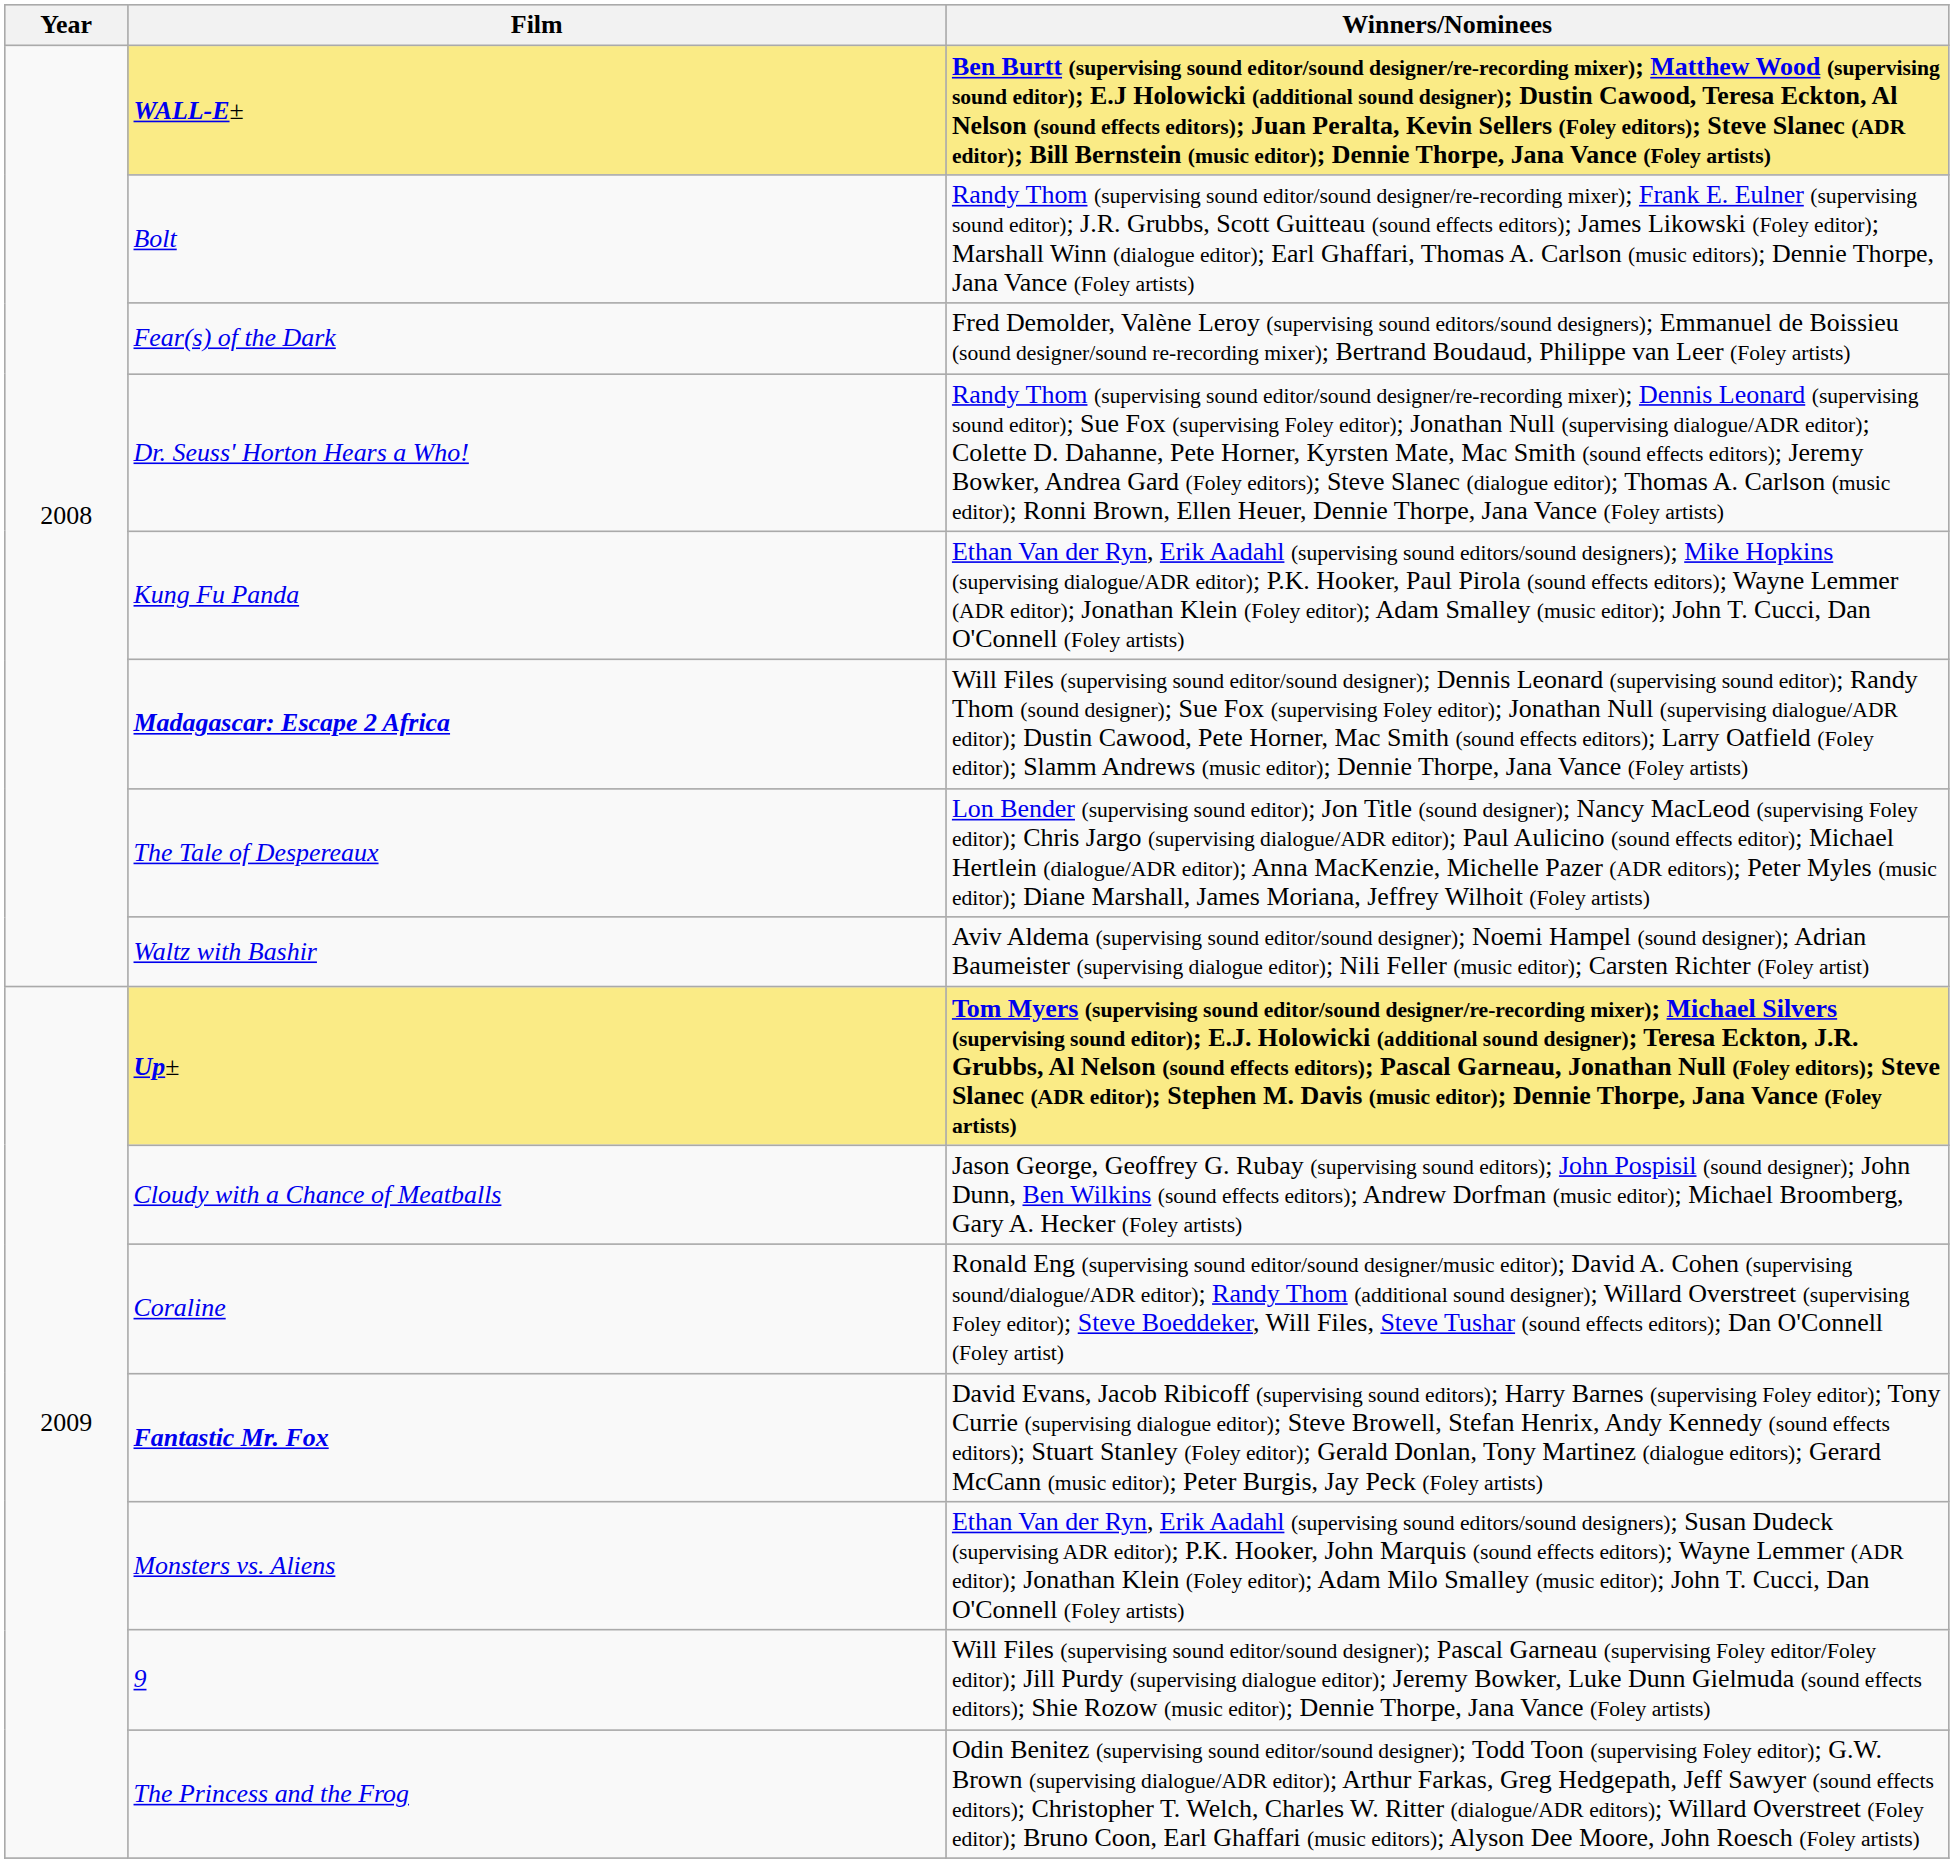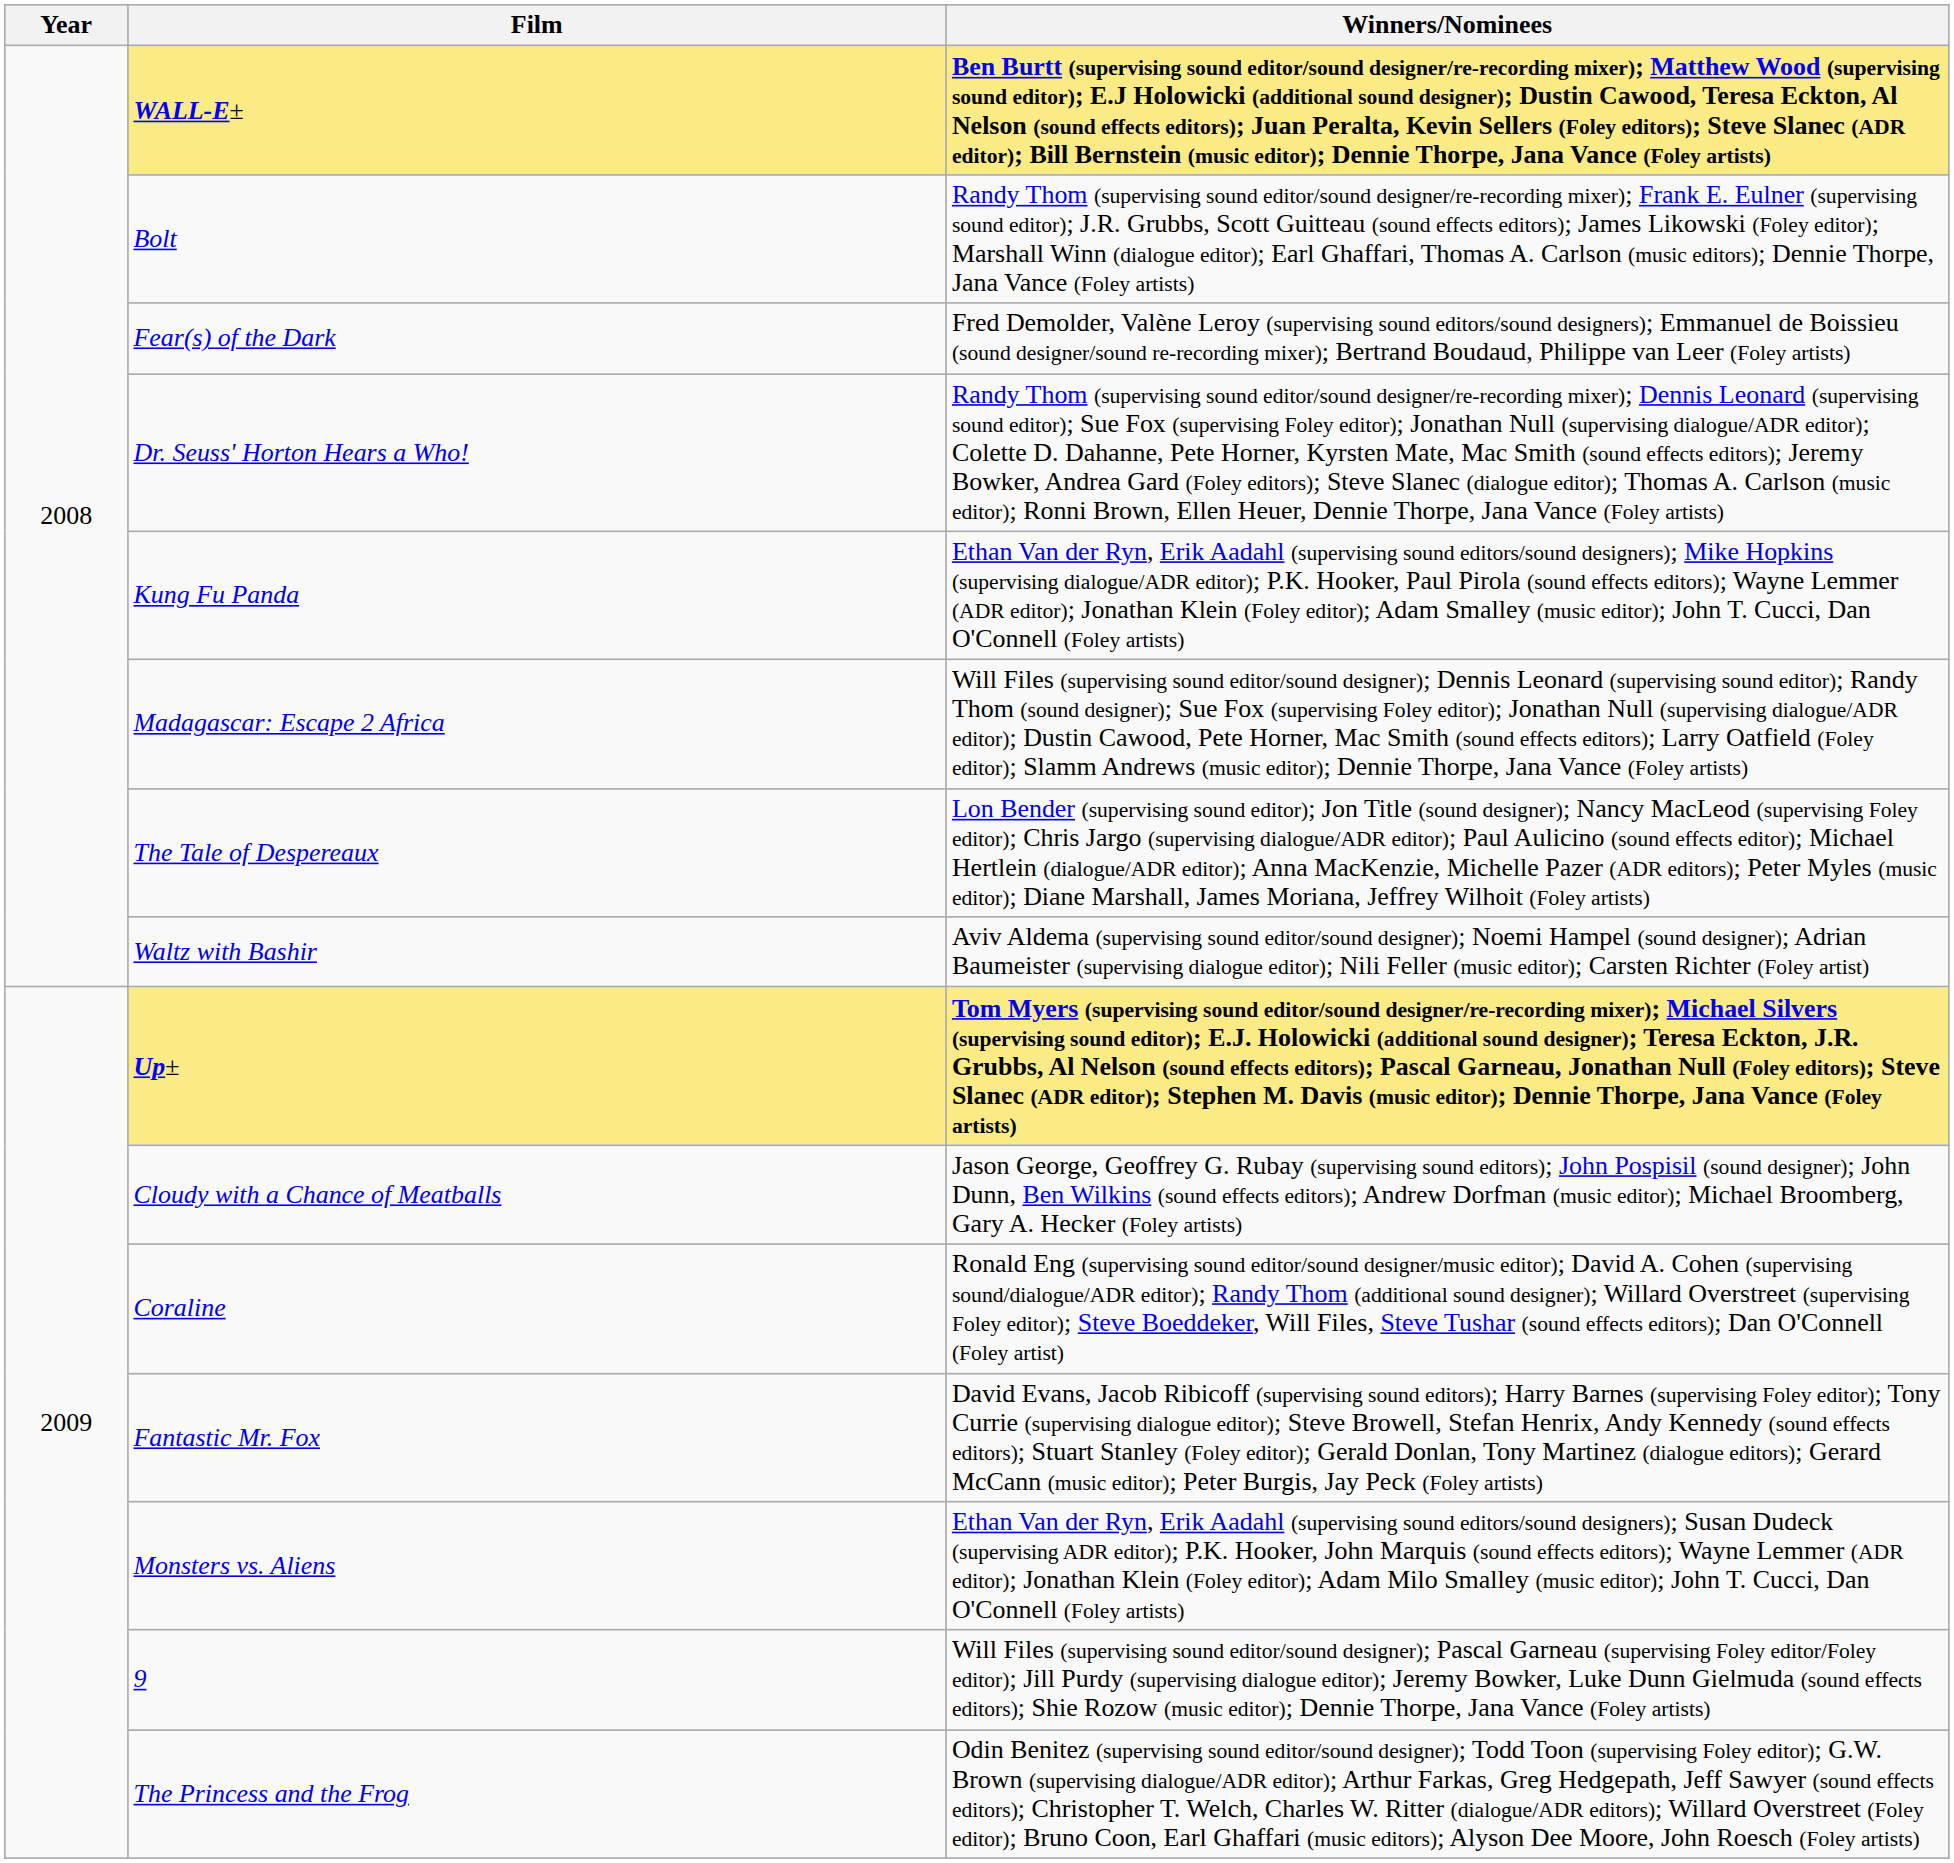 <table class="wikitable" width="95%" cellpadding="5">
 <tr>
 <th width="6%">Year</th>
 <th width="40%">Film</th>
 <th width="49%">Winners/Nominees</th>
 </tr>
 <tr>
 <td rowspan=8 style="text-align:center">2008<br></td>
 <td style="background:#FAEB86;"><strong><em><a href='#'>WALL-E</a></em></strong>±</td>
 <td style="background:#FAEB86;"><strong><a href='#'>Ben Burtt</a> <small>(supervising sound editor/sound designer/re-recording mixer)</small>; <a href='#'>Matthew Wood</a> <small>(supervising sound editor)</small>; E.J Holowicki <small>(additional sound designer)</small>; Dustin Cawood, Teresa Eckton, Al Nelson <small>(sound effects editors)</small>; Juan Peralta, Kevin Sellers <small>(Foley editors)</small>; Steve Slanec <small>(ADR editor)</small>; Bill Bernstein <small>(music editor)</small>; Dennie Thorpe, Jana Vance <small>(Foley artists)</small></strong></td>
 </tr>
 <tr>
 <td><em><a href='#'>Bolt</a></em></td>
 <td><a href='#'>Randy Thom</a> <small>(supervising sound editor/sound designer/re-recording mixer)</small>; <a href='#'>Frank E. Eulner</a> <small>(supervising sound editor)</small>; J.R. Grubbs, Scott Guitteau <small>(sound effects editors)</small>; James Likowski <small>(Foley editor)</small>; Marshall Winn <small>(dialogue editor)</small>; Earl Ghaffari, Thomas A. Carlson <small>(music editors)</small>; Dennie Thorpe, Jana Vance <small>(Foley artists)</small></td>
 </tr>
 <tr>
 <td><em><a href='#'>Fear(s) of the Dark</a></em></td>
 <td>Fred Demolder, Valène Leroy <small>(supervising sound editors/sound designers)</small>; Emmanuel de Boissieu <small>(sound designer/sound re-recording mixer)</small>; Bertrand Boudaud, Philippe van Leer <small>(Foley artists)</small></td>
 </tr>
 <tr>
 <td><em><a href='#'>Dr. Seuss' Horton Hears a Who!</a></em></td>
 <td><a href='#'>Randy Thom</a> <small>(supervising sound editor/sound designer/re-recording mixer)</small>; <a href='#'>Dennis Leonard</a> <small>(supervising sound editor)</small>; Sue Fox <small>(supervising Foley editor)</small>; Jonathan Null <small>(supervising dialogue/ADR editor)</small>; Colette D. Dahanne, Pete Horner, Kyrsten Mate, Mac Smith <small>(sound effects editors)</small>; Jeremy Bowker, Andrea Gard <small>(Foley editors)</small>; Steve Slanec <small>(dialogue editor)</small>; Thomas A. Carlson <small>(music editor)</small>; Ronni Brown, Ellen Heuer, Dennie Thorpe, Jana Vance <small>(Foley artists)</small></td>
 </tr>
 <tr>
 <td><em><a href='#'>Kung Fu Panda</a></em></td>
 <td><a href='#'>Ethan Van der Ryn</a>, <a href='#'>Erik Aadahl</a> <small>(supervising sound editors/sound designers)</small>; <a href='#'>Mike Hopkins</a> <small>(supervising dialogue/ADR editor)</small>; P.K. Hooker, Paul Pirola <small>(sound effects editors)</small>; Wayne Lemmer <small>(ADR editor)</small>; Jonathan Klein <small>(Foley editor)</small>; Adam Smalley <small>(music editor)</small>; John T. Cucci, Dan O'Connell <small>(Foley artists)</small></td>
 </tr>
 <tr>
-<td><strong><em><a href='#'>Madagascar: Escape 2 Africa</a></em></strong></td>
+<td><em><a href='#'>Madagascar: Escape 2 Africa</a></em></td>
 <td>Will Files <small>(supervising sound editor/sound designer)</small>; Dennis Leonard <small>(supervising sound editor)</small>; Randy Thom <small>(sound designer)</small>; Sue Fox <small>(supervising Foley editor)</small>; Jonathan Null <small>(supervising dialogue/ADR editor)</small>; Dustin Cawood, Pete Horner, Mac Smith <small>(sound effects editors)</small>; Larry Oatfield <small>(Foley editor)</small>; Slamm Andrews <small>(music editor)</small>; Dennie Thorpe, Jana Vance <small>(Foley artists)</small></td>
 </tr>
 <tr>
 <td><em><a href='#'>The Tale of Despereaux</a></em></td>
 <td><a href='#'>Lon Bender</a> <small>(supervising sound editor)</small>; Jon Title <small>(sound designer)</small>; Nancy MacLeod <small>(supervising Foley editor)</small>; Chris Jargo <small>(supervising dialogue/ADR editor)</small>; Paul Aulicino <small>(sound effects editor)</small>; Michael Hertlein <small>(dialogue/ADR editor)</small>; Anna MacKenzie, Michelle Pazer <small>(ADR editors)</small>; Peter Myles <small>(music editor)</small>; Diane Marshall, James Moriana, Jeffrey Wilhoit <small>(Foley artists)</small></td>
 </tr>
 <tr>
 <td><em><a href='#'>Waltz with Bashir</a></em></td>
 <td>Aviv Aldema <small>(supervising sound editor/sound designer)</small>; Noemi Hampel <small>(sound designer)</small>; Adrian Baumeister <small>(supervising dialogue editor)</small>; Nili Feller <small>(music editor)</small>; Carsten Richter <small>(Foley artist)</small></td>
 </tr>
 <tr>
 <td rowspan=7 style="text-align:center">2009<br></td>
 <td style="background:#FAEB86;"><strong><em><a href='#'>Up</a></em></strong>±</td>
 <td style="background:#FAEB86;"><strong><a href='#'>Tom Myers</a> <small>(supervising sound editor/sound designer/re-recording mixer)</small>; <a href='#'>Michael Silvers</a> <small>(supervising sound editor)</small>; E.J. Holowicki <small> (additional sound designer)</small>; Teresa Eckton, J.R. Grubbs, Al Nelson <small>(sound effects editors)</small>; Pascal Garneau, Jonathan Null <small>(Foley editors)</small>; Steve Slanec <small>(ADR editor)</small>; Stephen M. Davis <small>(music editor)</small>; Dennie Thorpe, Jana Vance <small>(Foley artists)</small></strong></td>
 </tr>
 <tr>
 <td><em><a href='#'>Cloudy with a Chance of Meatballs</a></em></td>
 <td>Jason George, Geoffrey G. Rubay <small>(supervising sound editors)</small>; <a href='#'>John Pospisil</a> <small>(sound designer)</small>; John Dunn, <a href='#'>Ben Wilkins</a> <small>(sound effects editors)</small>; Andrew Dorfman <small>(music editor)</small>; Michael Broomberg, Gary A. Hecker <small>(Foley artists)</small></td>
 </tr>
 <tr>
 <td><em><a href='#'>Coraline</a></em></td>
 <td>Ronald Eng <small>(supervising sound editor/sound designer/music editor)</small>; David A. Cohen <small>(supervising sound/dialogue/ADR editor)</small>; <a href='#'>Randy Thom</a> <small>(additional sound designer)</small>; Willard Overstreet <small>(supervising Foley editor)</small>; <a href='#'>Steve Boeddeker</a>, Will Files, <a href='#'>Steve Tushar</a> <small>(sound effects editors)</small>; Dan O'Connell <small>(Foley artist)</small></td>
 </tr>
 <tr>
-<td><strong><em><a href='#'>Fantastic Mr. Fox</a></em></strong></td>
+<td><em><a href='#'>Fantastic Mr. Fox</a></em></td>
 <td>David Evans, Jacob Ribicoff <small>(supervising sound editors)</small>; Harry Barnes <small>(supervising Foley editor)</small>; Tony Currie <small>(supervising dialogue editor)</small>; Steve Browell, Stefan Henrix, Andy Kennedy <small>(sound effects editors)</small>; Stuart Stanley <small>(Foley editor)</small>; Gerald Donlan, Tony Martinez <small>(dialogue editors)</small>; Gerard McCann <small>(music editor)</small>; Peter Burgis, Jay Peck <small>(Foley artists)</small></td>
 </tr>
 <tr>
 <td><em><a href='#'>Monsters vs. Aliens</a></em></td>
 <td><a href='#'>Ethan Van der Ryn</a>, <a href='#'>Erik Aadahl</a> <small>(supervising sound editors/sound designers)</small>; Susan Dudeck <small>(supervising ADR editor)</small>; P.K. Hooker, John Marquis <small>(sound effects editors)</small>; Wayne Lemmer <small>(ADR editor)</small>; Jonathan Klein <small>(Foley editor)</small>; Adam Milo Smalley <small>(music editor)</small>; John T. Cucci, Dan O'Connell <small>(Foley artists)</small></td>
 </tr>
 <tr>
 <td><em><a href='#'>9</a></em></td>
 <td>Will Files <small>(supervising sound editor/sound designer)</small>; Pascal Garneau <small>(supervising Foley editor/Foley editor)</small>; Jill Purdy <small>(supervising dialogue editor)</small>; Jeremy Bowker, Luke Dunn Gielmuda <small>(sound effects editors)</small>; Shie Rozow <small>(music editor)</small>; Dennie Thorpe, Jana Vance <small>(Foley artists)</small></td>
 </tr>
 <tr>
 <td><em><a href='#'>The Princess and the Frog</a></em></td>
 <td>Odin Benitez <small>(supervising sound editor/sound designer)</small>; Todd Toon <small>(supervising Foley editor)</small>; G.W. Brown <small>(supervising dialogue/ADR editor)</small>; Arthur Farkas, Greg Hedgepath, Jeff Sawyer <small>(sound effects editors)</small>; Christopher T. Welch, Charles W. Ritter <small>(dialogue/ADR editors)</small>; Willard Overstreet <small>(Foley editor)</small>; Bruno Coon, Earl Ghaffari <small>(music editors)</small>; Alyson Dee Moore, John Roesch <small>(Foley artists)</small></td>
 </tr>
 </table>
